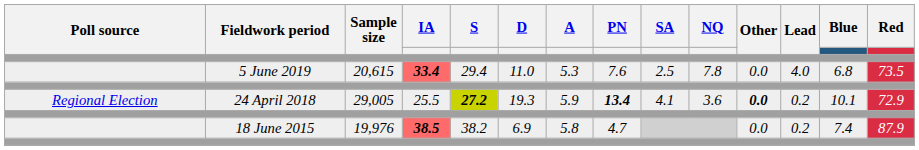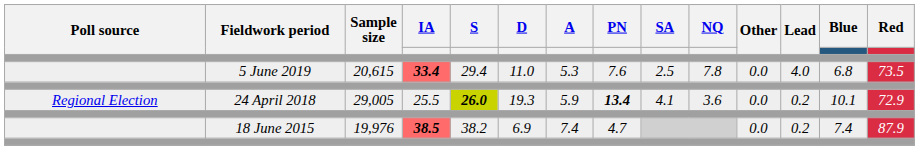 <table class="wikitable sortable" style="text-align:center;font-size:90%;line-height:14px;">
 <tr style="height:42px;">
 <th style="width:190px;" rowspan="2">Poll source</th>
 <th style="width:130px;" rowspan="2">Fieldwork period</th>
 <th style="width:50px;" rowspan="2">Sample size</th>
 <th style="width:40px;"><a href='#'>IA</a></th>
 <th style="width:40px;"><a href='#'>S</a></th>
 <th style="width:40px;"><a href='#'>D</a></th>
 <th style="width:40px;"><a href='#'>A</a></th>
 <th style="width:40px;"><a href='#'>PN</a></th>
 <th style="width:40px;"><a href='#'>SA</a></th>
 <th style="width:40px;"><a href='#'>NQ</a></th>
 <th style="width:30px;" rowspan="2">Other</th>
 <th style="width:30px;" rowspan="2">Lead</th>
 <th style="width:30px;">Blue</th>
 <th style="width:30px;">Red</th>
 </tr>
 <tr>
 <th style="color:inherit;background:"></th>
 <th style="color:inherit;background:"></th>
 <th style="color:inherit;background:"></th>
 <th style="color:inherit;background:"></th>
 <th style="color:inherit;background:"></th>
 <th style="color:inherit;background:"></th>
 <th style="color:inherit;background:"></th>
 <th style="background:#25587E; width:40px;"></th>
 <th style="background:#DA2C43; width:40px;"></th>
 </tr>
 <tr>
 <td colspan="15" style="background:#A0A0A0"></td>
 </tr>
 <tr style="background:#EFEFEF;">
 <td><em></em></td>
 <td><em>5 June 2019</em></td>
 <td><em>20,615</em></td>
 <td align="center" style="background:#FF6A6A"><strong><em>33.4</em></strong></td>
 <td><em>29.4</em></td>
 <td><em>11.0</em></td>
 <td><em>5.3</em></td>
 <td><em>7.6</em></td>
 <td><em>2.5</em></td>
 <td><em>7.8</em></td>
 <td><em>0.0</em></td>
 <td style="background:"><em>4.0</em></td>
 <td><em>6.8</em></td>
 <td style="background:#DA2C43; color:white"><em>73.5</em></td>
 </tr>
 <tr>
 <td colspan="15" style="background:#A0A0A0"></td>
 </tr>
 <tr style="background:#EFEFEF;">
 <td><em><a href='#'>Regional Election</a></em></td>
 <td><em>24 April 2018</em></td>
 <td><em>29,005</em></td>
 <td><em>25.5</em></td>
-<td align="center" style="background:#C8D300"><strong><em>27.2</em></strong></td>
+<td align="center" style="background:#C8D300"><strong><em>26.0</em></strong></td>
 <td><em>19.3</em></td>
 <td><em>5.9</em></td>
 <td><strong><em>13.4</em></strong></td>
 <td><em>4.1</em></td>
 <td><em>3.6</em></td>
-<td><strong><em>0.0</em></strong></td>
+<td><em>0.0</em></td>
 <td style="background:"><em>0.2</em></td>
 <td><em>10.1</em></td>
 <td style="background:#DA2C43; color:white"><em>72.9</em></td>
 </tr>
 <tr>
 <td colspan="15" style="background:#A0A0A0"></td>
 </tr>
 <tr style="background:#EFEFEF;">
 <td><em></em></td>
 <td><em>18 June 2015</em></td>
 <td><em>19,976</em></td>
 <td align="center" style="background:#FF6A6A"><strong><em>38.5</em></strong></td>
 <td><em>38.2</em></td>
 <td><em>6.9</em></td>
-<td><em>5.8</em></td>
+<td><em>7.4</em></td>
 <td><em>4.7</em></td>
 <td colspan="2" style="background:#D0D0D0; width:1px;"></td>
 <td><em>0.0</em></td>
 <td style="background:"><em>0.2</em></td>
 <td><em>7.4</em></td>
 <td style="background:#DA2C43; color:white"><em>87.9</em></td>
 </tr>
 <tr>
 <td colspan="15" style="background:#A0A0A0"></td>
 </tr>
 <tr>
 </tr>
 </table>
